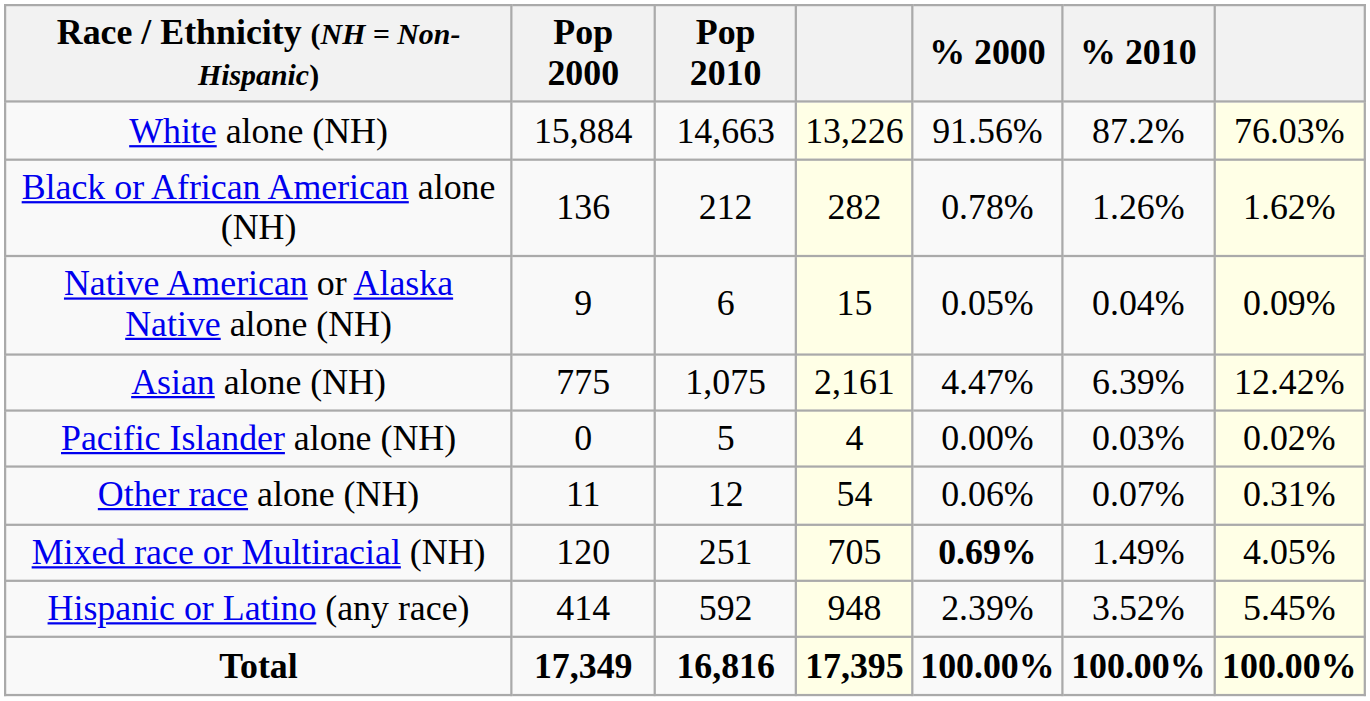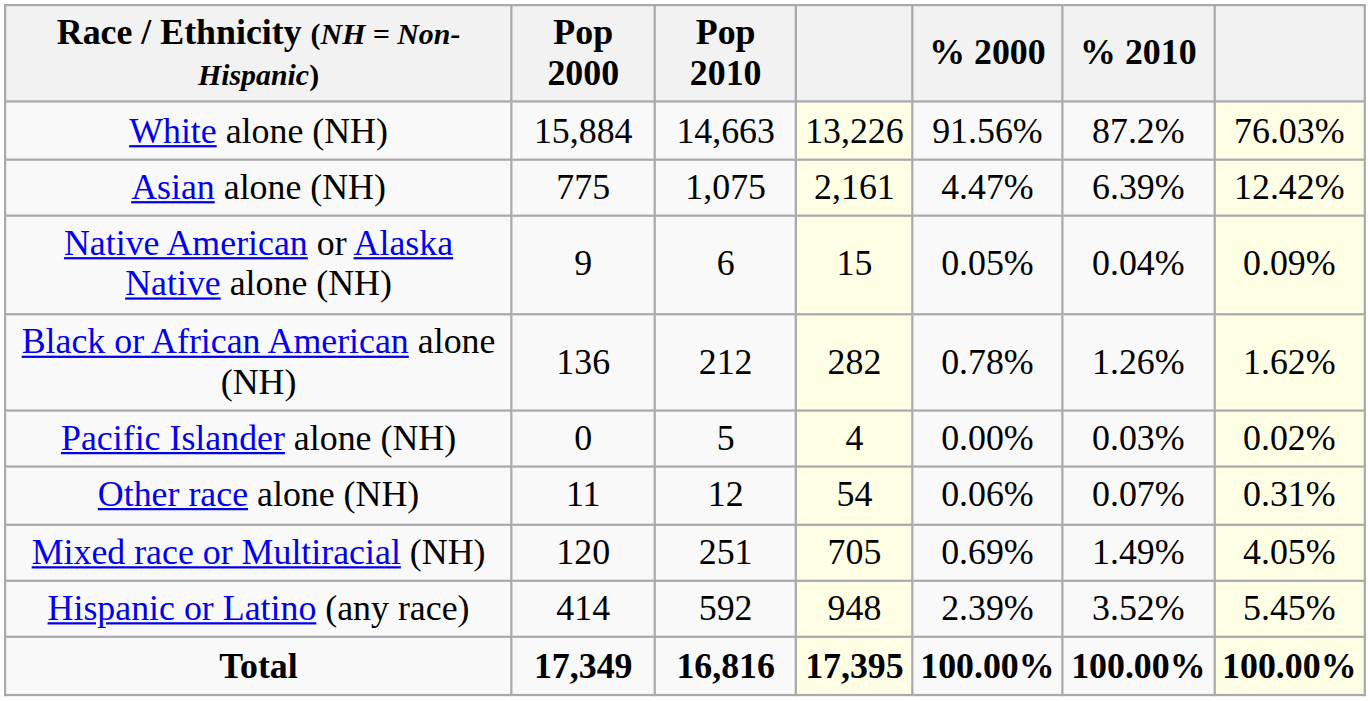 <table class="wikitable" style="text-align:center;">
 <tr>
 <th>Race / Ethnicity <small>(<em>NH = Non-Hispanic</em>)</small></th>
 <th>Pop 2000</th>
 <th>Pop 2010</th>
 <th></th>
 <th>% 2000</th>
 <th>% 2010</th>
 <th></th>
 </tr>
 <tr>
 <td><a href='#'>White</a> alone (NH)</td>
 <td>15,884</td>
 <td>14,663</td>
 <td style='background: #ffffe6;'>13,226</td>
 <td>91.56%</td>
 <td>87.2%</td>
 <td style='background: #ffffe6;'>76.03%</td>
 </tr>
 <tr>
-<td><a href='#'>Black or African American</a> alone (NH)</td>
-<td>136</td>
-<td>212</td>
-<td style='background: #ffffe6;'>282</td>
-<td>0.78%</td>
-<td>1.26%</td>
-<td style='background: #ffffe6;'>1.62%</td>
+<td><a href='#'>Asian</a> alone (NH)</td>
+<td>775</td>
+<td>1,075</td>
+<td style='background: #ffffe6;'>2,161</td>
+<td>4.47%</td>
+<td>6.39%</td>
+<td style='background: #ffffe6;'>12.42%</td>
 </tr>
 <tr>
 <td><a href='#'>Native American</a> or <a href='#'>Alaska Native</a> alone (NH)</td>
 <td>9</td>
 <td>6</td>
 <td style='background: #ffffe6;'>15</td>
 <td>0.05%</td>
 <td>0.04%</td>
 <td style='background: #ffffe6;'>0.09%</td>
 </tr>
 <tr>
-<td><a href='#'>Asian</a> alone (NH)</td>
-<td>775</td>
-<td>1,075</td>
-<td style='background: #ffffe6;'>2,161</td>
-<td>4.47%</td>
-<td>6.39%</td>
-<td style='background: #ffffe6;'>12.42%</td>
+<td><a href='#'>Black or African American</a> alone (NH)</td>
+<td>136</td>
+<td>212</td>
+<td style='background: #ffffe6;'>282</td>
+<td>0.78%</td>
+<td>1.26%</td>
+<td style='background: #ffffe6;'>1.62%</td>
 </tr>
 <tr>
 <td><a href='#'>Pacific Islander</a> alone (NH)</td>
 <td>0</td>
 <td>5</td>
 <td style='background: #ffffe6;'>4</td>
 <td>0.00%</td>
 <td>0.03%</td>
 <td style='background: #ffffe6;'>0.02%</td>
 </tr>
 <tr>
 <td><a href='#'>Other race</a> alone (NH)</td>
 <td>11</td>
 <td>12</td>
 <td style='background: #ffffe6;'>54</td>
 <td>0.06%</td>
 <td>0.07%</td>
 <td style='background: #ffffe6;'>0.31%</td>
 </tr>
 <tr>
 <td><a href='#'>Mixed race or Multiracial</a> (NH)</td>
 <td>120</td>
 <td>251</td>
 <td style='background: #ffffe6;'>705</td>
-<td><strong>0.69%</strong></td>
+<td>0.69%</td>
 <td>1.49%</td>
 <td style='background: #ffffe6;'>4.05%</td>
 </tr>
 <tr>
 <td><a href='#'>Hispanic or Latino</a> (any race)</td>
 <td>414</td>
 <td>592</td>
 <td style='background: #ffffe6;'>948</td>
 <td>2.39%</td>
 <td>3.52%</td>
 <td style='background: #ffffe6;'>5.45%</td>
 </tr>
 <tr>
 <td><strong>Total</strong></td>
 <td><strong>17,349</strong></td>
 <td><strong>16,816</strong></td>
 <td style='background: #ffffe6;'><strong>17,395</strong></td>
 <td><strong>100.00%</strong></td>
 <td><strong>100.00%</strong></td>
 <td style='background: #ffffe6;'><strong>100.00%</strong></td>
 </tr>
 </table>
